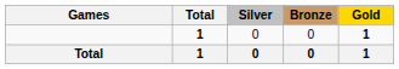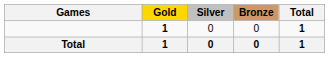 <table class="wikitable" style="text-align:center; font-size:90%;">
 <tr>
 <th style="width:13em;">Games</th>
-<th style="width:4em;">Total</th>
+<th style="width:4em; background:gold;">Gold</th>
 <th style="width:4em; background:silver;">Silver</th>
 <th style="width:4em; background:#cc9966;">Bronze</th>
-<th style="width:4em; background:gold;">Gold</th>
+<th style="width:4em;">Total</th>
 </tr>
 <tr>
 <td align=left></td>
 <td><strong>1</strong></td>
 <td>0</td>
 <td>0</td>
 <td><strong>1</strong></td>
 </tr>
 <tr>
 <th>Total</th>
 <th>1</th>
 <th>0</th>
 <th>0</th>
 <th>1</th>
 </tr>
 </table>
